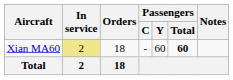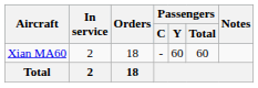 <table class="wikitable" style="text-align: center;">
 <tr style="background:lightblue;">
 <th rowspan="2">Aircraft</th>
 <th rowspan="2">In<br> service</th>
 <th rowspan="2">Orders</th>
 <th colspan="3">Passengers</th>
 <th rowspan="2">Notes</th>
 </tr>
 <tr style="background:lightblue;">
 <th><abbr><span>C</span></abbr></th>
 <th><abbr><span>Y</span></abbr></th>
 <th><span>Total</span></th>
 </tr>
 <tr>
 <td><a href='#'>Xian MA60</a></td>
-<td style="background: khaki;">2</td>
+<td>2</td>
 <td>18</td>
 <td>-</td>
 <td>60</td>
-<td><strong>60</strong></td>
+<td>60</td>
 <td></td>
 </tr>
 <tr>
 <th>Total</th>
 <th>2</th>
 <th>18</th>
 <th colspan="4"></th>
 </tr>
 </table>
